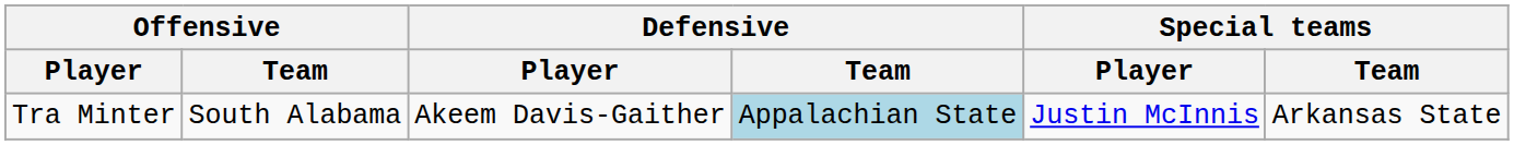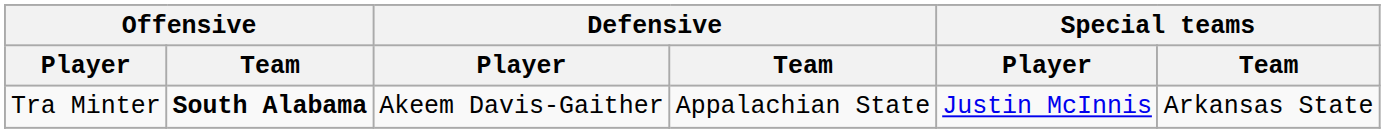 <table class="wikitable">
 <tr>
 <th colspan="2">Offensive</th>
 <th colspan="2">Defensive</th>
 <th colspan="2">Special teams</th>
 </tr>
 <tr>
 <th>Player</th>
 <th>Team</th>
 <th>Player</th>
 <th>Team</th>
 <th>Player</th>
 <th>Team</th>
 </tr>
 <tr>
 <td>Tra Minter</td>
-<td>South Alabama</td>
+<td><strong>South Alabama</strong></td>
 <td>Akeem Davis-Gaither</td>
-<td style="background: lightblue;">Appalachian State</td>
+<td>Appalachian State</td>
 <td><a href='#'>Justin McInnis</a></td>
 <td>Arkansas State</td>
 </tr>
 </table>
